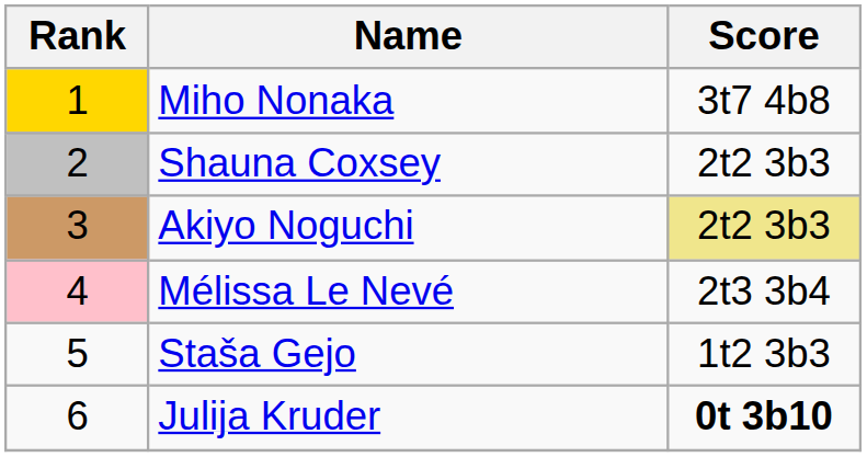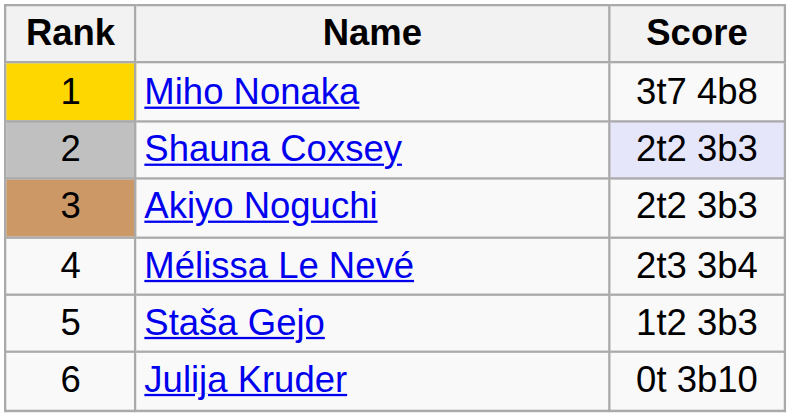 <table class="wikitable">
 <tr>
 <th width = "50">Rank</th>
 <th width = "200">Name</th>
 <th width = "70">Score</th>
 </tr>
 <tr>
 <td align="center" style="background: gold">1</td>
 <td> <a href='#'>Miho Nonaka</a></td>
 <td align="center">3t7 4b8</td>
 </tr>
 <tr>
 <td align="center" style="background: silver">2</td>
 <td> <a href='#'>Shauna Coxsey</a></td>
-<td align="center">2t2 3b3</td>
+<td align="center" style="background: lavender;">2t2 3b3</td>
 </tr>
 <tr>
 <td align="center" style="background: #cc9966">3</td>
 <td> <a href='#'>Akiyo Noguchi</a></td>
-<td align="center" style="background: khaki;">2t2 3b3</td>
+<td align="center">2t2 3b3</td>
 </tr>
 <tr>
-<td align="center" style="background: pink;">4</td>
+<td align="center">4</td>
 <td> <a href='#'>Mélissa Le Nevé</a></td>
 <td align="center">2t3 3b4</td>
 </tr>
 <tr>
 <td align="center">5</td>
 <td> <a href='#'>Staša Gejo</a></td>
 <td align="center">1t2 3b3</td>
 </tr>
 <tr>
 <td align="center">6</td>
 <td> <a href='#'>Julija Kruder</a></td>
-<td align="center"><strong>0t 3b10</strong></td>
+<td align="center">0t 3b10</td>
 </tr>
 <tr>
 </tr>
 </table>
